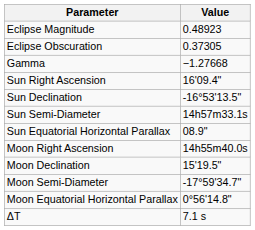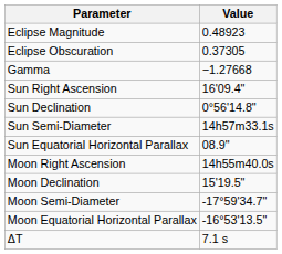 <table class="wikitable">
 <tr>
 <th>Parameter</th>
 <th>Value</th>
 </tr>
 <tr>
 <td>Eclipse Magnitude</td>
 <td>0.48923</td>
 </tr>
 <tr>
 <td>Eclipse Obscuration</td>
 <td>0.37305</td>
 </tr>
 <tr>
 <td>Gamma</td>
 <td>−1.27668</td>
 </tr>
 <tr>
 <td>Sun Right Ascension</td>
 <td>16'09.4"</td>
 </tr>
 <tr>
 <td>Sun Declination</td>
-<td>-16°53'13.5"</td>
+<td>0°56'14.8"</td>
 </tr>
 <tr>
 <td>Sun Semi-Diameter</td>
 <td>14h57m33.1s</td>
 </tr>
 <tr>
 <td>Sun Equatorial Horizontal Parallax</td>
 <td>08.9"</td>
 </tr>
 <tr>
 <td>Moon Right Ascension</td>
 <td>14h55m40.0s</td>
 </tr>
 <tr>
 <td>Moon Declination</td>
 <td>15'19.5"</td>
 </tr>
 <tr>
 <td>Moon Semi-Diameter</td>
 <td>-17°59'34.7"</td>
 </tr>
 <tr>
 <td>Moon Equatorial Horizontal Parallax</td>
-<td>0°56'14.8"</td>
+<td>-16°53'13.5"</td>
 </tr>
 <tr>
 <td>ΔT</td>
 <td>7.1 s</td>
 </tr>
 </table>
